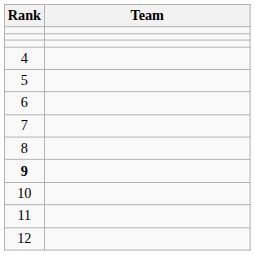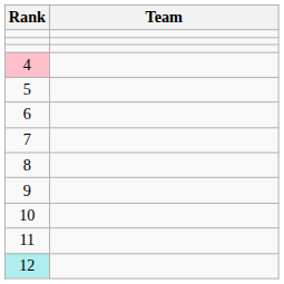 <table class="wikitable">
 <tr>
 <th>Rank</th>
 <th style="width:14em">Team</th>
 </tr>
 <tr>
 <td align=center></td>
 <td></td>
 </tr>
 <tr>
 <td align=center></td>
 <td></td>
 </tr>
 <tr>
 <td align=center></td>
 <td></td>
 </tr>
 <tr>
-<td align=center>4</td>
+<td align=center style="background: pink;">4</td>
 <td></td>
 </tr>
 <tr>
 <td align=center>5</td>
 <td></td>
 </tr>
 <tr>
 <td align=center>6</td>
 <td></td>
 </tr>
 <tr>
 <td align=center>7</td>
 <td></td>
 </tr>
 <tr>
 <td align=center>8</td>
 <td></td>
 </tr>
 <tr>
-<td align=center><strong>9</strong></td>
+<td align=center>9</td>
 <td></td>
 </tr>
 <tr>
 <td align=center>10</td>
 <td></td>
 </tr>
 <tr>
 <td align=center>11</td>
 <td></td>
 </tr>
 <tr>
-<td align=center>12</td>
+<td align=center style="background: paleturquoise;">12</td>
 <td></td>
 </tr>
 </table>
